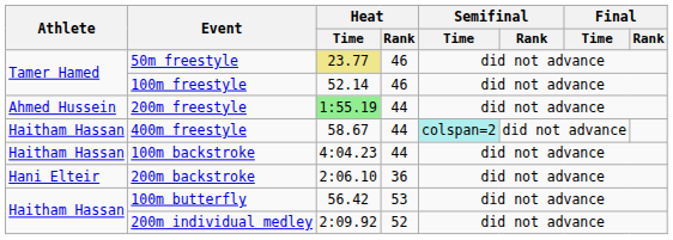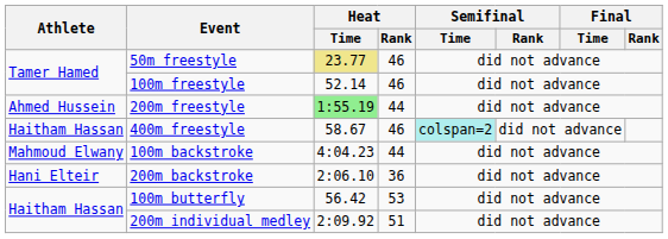 <table class=wikitable style="font-size:90%">
 <tr>
 <th rowspan="2">Athlete</th>
 <th rowspan="2">Event</th>
 <th colspan="2">Heat</th>
 <th colspan="2">Semifinal</th>
 <th colspan="2">Final</th>
 </tr>
 <tr style="font-size:95%">
 <th>Time</th>
 <th>Rank</th>
 <th>Time</th>
 <th>Rank</th>
 <th>Time</th>
 <th>Rank</th>
 </tr>
 <tr>
 <td align=left rowspan=2><a href='#'>Tamer Hamed</a></td>
 <td align=left><a href='#'>50m freestyle</a></td>
 <td align=center style="background: khaki;">23.77</td>
 <td align=center>46</td>
 <td align=center colspan=4>did not advance</td>
 </tr>
 <tr>
 <td align=left><a href='#'>100m freestyle</a></td>
 <td align=center>52.14</td>
 <td align=center>46</td>
 <td align=center colspan=4>did not advance</td>
 </tr>
 <tr>
 <td align=left><a href='#'>Ahmed Hussein</a></td>
 <td align=left><a href='#'>200m freestyle</a></td>
 <td align=center style="background: lightgreen;">1:55.19</td>
 <td align=center>44</td>
 <td align=center colspan=4>did not advance</td>
 </tr>
 <tr>
 <td align=left><a href='#'>Haitham Hassan</a></td>
 <td align=left><a href='#'>400m freestyle</a></td>
 <td align=center>58.67</td>
-<td align=center>44</td>
+<td align=center>46</td>
 <td style="background: paleturquoise;">colspan=2</td>
 <td align=center colspan=2>did not advance</td>
 </tr>
 <tr>
-<td align=left><a href='#'>Haitham Hassan</a></td>
+<td align=left><a href='#'>Mahmoud Elwany</a></td>
 <td align=left><a href='#'>100m backstroke</a></td>
 <td align=center>4:04.23</td>
 <td align=center>44</td>
 <td align=center colspan=4>did not advance</td>
 </tr>
 <tr>
 <td align=left><a href='#'>Hani Elteir</a></td>
 <td align=left><a href='#'>200m backstroke</a></td>
 <td align=center>2:06.10</td>
 <td align=center>36</td>
 <td align=center colspan=4>did not advance</td>
 </tr>
 <tr>
 <td align=left rowspan=2><a href='#'>Haitham Hassan</a></td>
 <td align=left><a href='#'>100m butterfly</a></td>
 <td align=center>56.42</td>
 <td align=center>53</td>
 <td align=center colspan=4>did not advance</td>
 </tr>
 <tr>
 <td align=left><a href='#'>200m individual medley</a></td>
 <td align=center>2:09.92</td>
-<td align=center>52</td>
+<td align=center>51</td>
 <td align=center colspan=4>did not advance</td>
 </tr>
 </table>
